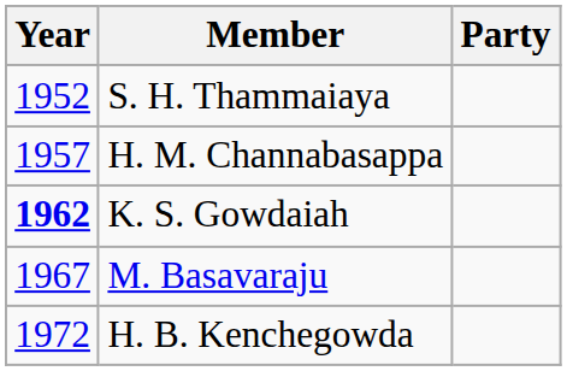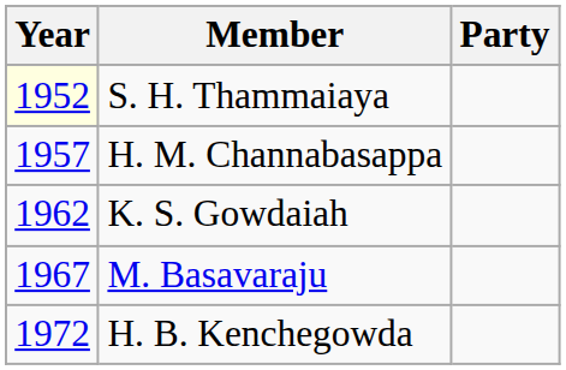 <table class="wikitable sortable">
 <tr>
 <th>Year</th>
 <th>Member</th>
 <th colspan="2">Party</th>
 </tr>
 <tr>
-<td><a href='#'>1952</a></td>
+<td style="background: lightyellow;"><a href='#'>1952</a></td>
 <td>S. H. Thammaiaya</td>
 <td></td>
 </tr>
 <tr>
 <td><a href='#'>1957</a></td>
 <td>H. M. Channabasappa</td>
 <td></td>
 </tr>
 <tr>
-<td><strong><a href='#'>1962</a></strong></td>
+<td><a href='#'>1962</a></td>
 <td>K. S. Gowdaiah</td>
 <td></td>
 </tr>
 <tr>
 <td><a href='#'>1967</a></td>
 <td><a href='#'>M. Basavaraju</a></td>
 </tr>
 <tr>
 <td><a href='#'>1972</a></td>
 <td>H. B. Kenchegowda</td>
 <td></td>
 </tr>
 </table>
